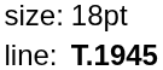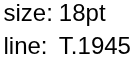 <table style="margin-left:40px;">
 <tr>
 <td>size:</td>
 <td>18pt</td>
 </tr>
 <tr>
 <td>line:</td>
-<td><strong>T.1945</strong></td>
+<td>T.1945</td>
 </tr>
 </table>
